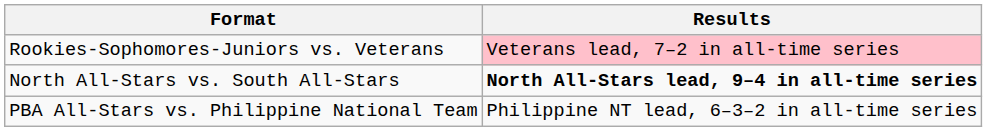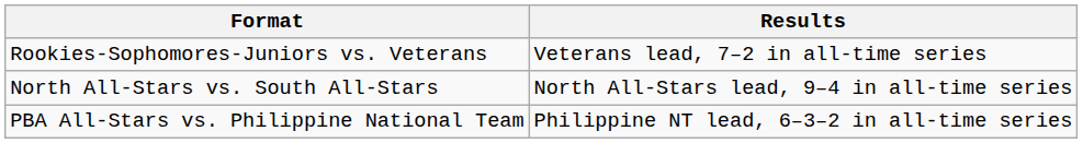 <table class="wikitable">
 <tr>
 <th>Format</th>
 <th>Results</th>
 </tr>
 <tr>
 <td>Rookies-Sophomores-Juniors vs. Veterans</td>
-<td style="background: pink;">Veterans lead, 7–2 in all-time series</td>
+<td>Veterans lead, 7–2 in all-time series</td>
 </tr>
 <tr>
 <td>North All-Stars vs. South All-Stars</td>
-<td><strong>North All-Stars lead, 9–4 in all-time series</strong></td>
+<td>North All-Stars lead, 9–4 in all-time series</td>
 </tr>
 <tr>
 <td>PBA All-Stars vs. Philippine National Team</td>
 <td>Philippine NT lead, 6–3–2 in all-time series</td>
 </tr>
 </table>
